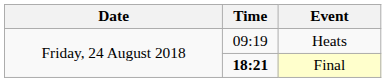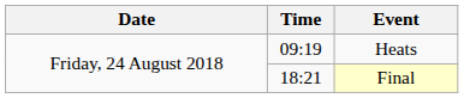 <table class = "wikitable" style="text-align:center;">
 <tr>
 <th width=220>Date</th>
 <th width=50>Time</th>
 <th width=100>Event</th>
 </tr>
 <tr>
 <td rowspan=2>Friday, 24 August 2018</td>
 <td>09:19</td>
 <td>Heats</td>
 </tr>
 <tr>
-<td><strong>18:21</strong></td>
+<td>18:21</td>
 <td bgcolor=ffffcc>Final</td>
 </tr>
 </table>
